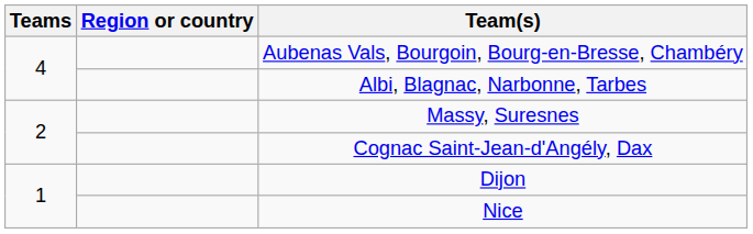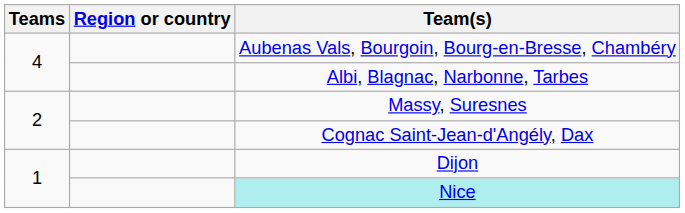 <table class="wikitable" style="text-align:center">
 <tr>
 <th>Teams</th>
 <th><a href='#'>Region</a> or country</th>
 <th>Team(s)</th>
 </tr>
 <tr>
 <td rowspan="2">4</td>
 <td align="left"></td>
 <td><a href='#'>Aubenas Vals</a>, <a href='#'>Bourgoin</a>, <a href='#'>Bourg-en-Bresse</a>, <a href='#'>Chambéry</a></td>
 </tr>
 <tr>
 <td align="left"></td>
 <td><a href='#'>Albi</a>, <a href='#'>Blagnac</a>, <a href='#'>Narbonne</a>, <a href='#'>Tarbes</a></td>
 </tr>
 <tr>
 <td rowspan="2">2</td>
 <td align="left"></td>
 <td><a href='#'>Massy</a>, <a href='#'>Suresnes</a></td>
 </tr>
 <tr>
 <td align="left"></td>
 <td><a href='#'>Cognac Saint-Jean-d'Angély</a>, <a href='#'>Dax</a></td>
 </tr>
 <tr>
 <td rowspan="2">1</td>
 <td align="left"></td>
 <td><a href='#'>Dijon</a></td>
 </tr>
 <tr>
 <td align="left"></td>
-<td><a href='#'>Nice</a></td>
+<td style="background: paleturquoise;"><a href='#'>Nice</a></td>
 </tr>
 </table>
